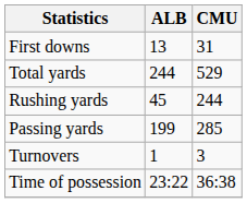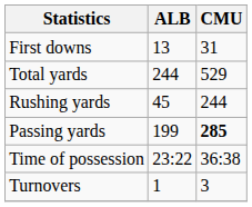 <table class="wikitable">
 <tr>
 <th>Statistics</th>
 <th>ALB</th>
 <th>CMU</th>
 </tr>
 <tr>
 <td>First downs</td>
 <td>13</td>
 <td>31</td>
 </tr>
 <tr>
 <td>Total yards</td>
 <td>244</td>
 <td>529</td>
 </tr>
 <tr>
 <td>Rushing yards</td>
 <td>45</td>
 <td>244</td>
 </tr>
 <tr>
 <td>Passing yards</td>
 <td>199</td>
-<td>285</td>
+<td><strong>285</strong></td>
+</tr>
+<tr>
+<td>Time of possession</td>
+<td>23:22</td>
+<td>36:38</td>
 </tr>
 <tr>
 <td>Turnovers</td>
 <td>1</td>
 <td>3</td>
 </tr>
 <tr>
-<td>Time of possession</td>
-<td>23:22</td>
-<td>36:38</td>
-</tr>
-<tr>
 </tr>
 </table>
